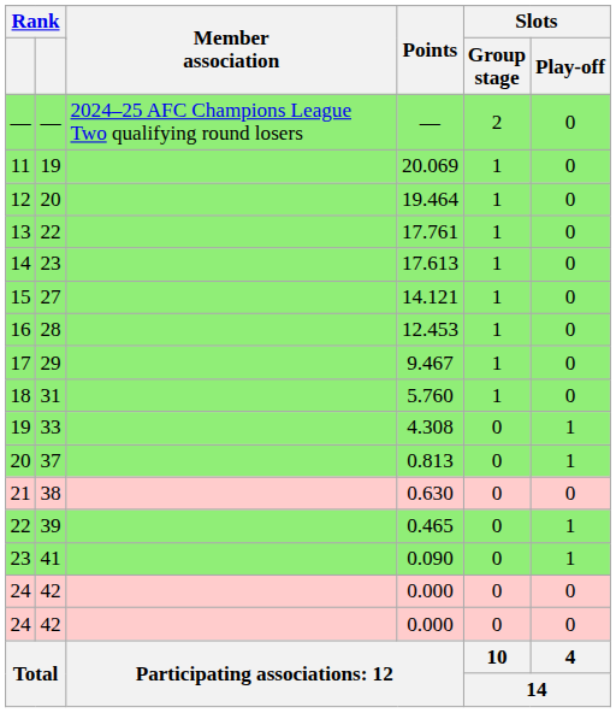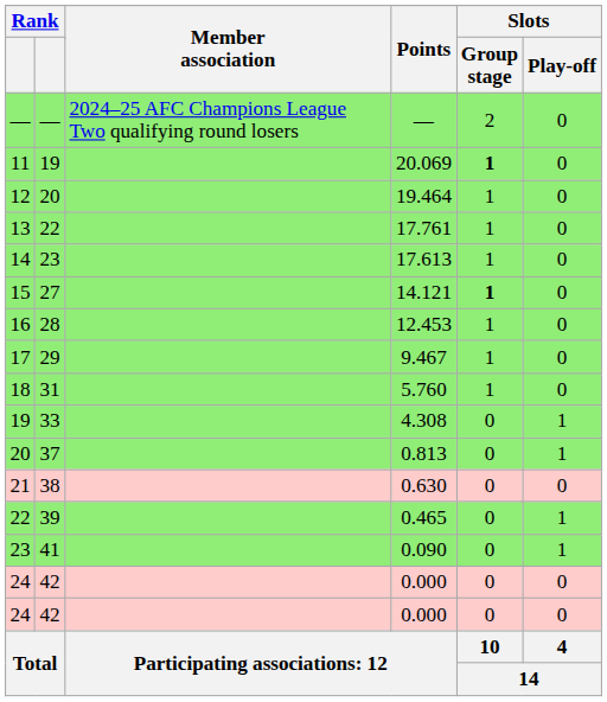 <table class="wikitable" style="text-align:center">
 <tr>
 </tr>
 <tr>
 <th colspan=2 rowspan=2><a href='#'>Rank</a></th>
 <th rowspan=3 width=250>Member<br>association</th>
 <th rowspan=3>Points</th>
 <th colspan=2>Slots</th>
 </tr>
 <tr>
 <th rowspan=2>Group<br>stage</th>
 <th rowspan=2>Play-off</th>
 </tr>
 <tr>
 <th></th>
 <th></th>
 </tr>
 <tr bgcolor=#90ee77>
 <td>—</td>
 <td>—</td>
 <td align=left><a href='#'>2024–25 AFC Champions League Two</a> qualifying round losers</td>
 <td>—</td>
 <td>2</td>
 <td>0</td>
 </tr>
 <tr bgcolor=#90ee77>
 <td>11</td>
 <td>19</td>
 <td align=left></td>
 <td>20.069</td>
-<td>1</td>
+<td><strong>1</strong></td>
 <td>0</td>
 </tr>
 <tr bgcolor=#90ee77>
 <td>12</td>
 <td>20</td>
 <td align=left></td>
 <td>19.464</td>
 <td>1</td>
 <td>0</td>
 </tr>
 <tr bgcolor=#90ee77>
 <td>13</td>
 <td>22</td>
 <td align=left></td>
 <td>17.761</td>
 <td>1</td>
 <td>0</td>
 </tr>
 <tr bgcolor=#90ee77>
 <td>14</td>
 <td>23</td>
 <td align=left></td>
 <td>17.613</td>
 <td>1</td>
 <td>0</td>
 </tr>
 <tr bgcolor=#90ee77>
 <td>15</td>
 <td>27</td>
 <td align=left></td>
 <td>14.121</td>
-<td>1</td>
+<td><strong>1</strong></td>
 <td>0</td>
 </tr>
 <tr bgcolor=#90ee77>
 <td>16</td>
 <td>28</td>
 <td align=left></td>
 <td>12.453</td>
 <td>1</td>
 <td>0</td>
 </tr>
 <tr bgcolor=#90ee77>
 <td>17</td>
 <td>29</td>
 <td align=left></td>
 <td>9.467</td>
 <td>1</td>
 <td>0</td>
 </tr>
 <tr bgcolor=#90ee77>
 <td>18</td>
 <td>31</td>
 <td align=left></td>
 <td>5.760</td>
 <td>1</td>
 <td>0</td>
 </tr>
 <tr bgcolor=#90ee77>
 <td>19</td>
 <td>33</td>
 <td align=left></td>
 <td>4.308</td>
 <td>0</td>
 <td>1</td>
 </tr>
 <tr bgcolor=#90ee77>
 <td>20</td>
 <td>37</td>
 <td align=left></td>
 <td>0.813</td>
 <td>0</td>
 <td>1</td>
 </tr>
 <tr bgcolor=#ffcccc>
 <td>21</td>
 <td>38</td>
 <td align=left></td>
 <td>0.630</td>
 <td>0</td>
 <td>0</td>
 </tr>
 <tr bgcolor=#90ee77>
 <td>22</td>
 <td>39</td>
 <td align=left></td>
 <td>0.465</td>
 <td>0</td>
 <td>1</td>
 </tr>
 <tr bgcolor=#90ee77>
 <td>23</td>
 <td>41</td>
 <td align=left></td>
 <td>0.090</td>
 <td>0</td>
 <td>1</td>
 </tr>
 <tr bgcolor=#ffcccc>
 <td>24</td>
 <td>42</td>
 <td align=left></td>
 <td>0.000</td>
 <td>0</td>
 <td>0</td>
 </tr>
 <tr bgcolor=#ffcccc>
 <td>24</td>
 <td>42</td>
 <td align=left></td>
 <td>0.000</td>
 <td>0</td>
 <td>0</td>
 </tr>
 <tr>
 <th colspan=2 rowspan=2>Total</th>
 <th colspan=2 rowspan=2>Participating associations: 12</th>
 <th>10</th>
 <th>4</th>
 </tr>
 <tr>
 <th colspan=2>14</th>
 </tr>
 </table>
